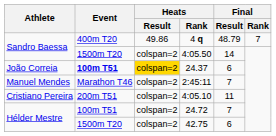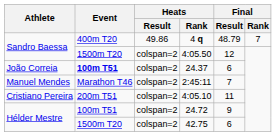 <table class=wikitable style="font-size:90%">
 <tr>
 <th rowspan="2">Athlete</th>
 <th rowspan="2">Event</th>
 <th colspan="2">Heats</th>
 <th colspan="2">Final</th>
 </tr>
 <tr>
 <th>Result</th>
 <th>Rank</th>
 <th>Result</th>
 <th>Rank</th>
 </tr>
 <tr align=center>
 <td align=left rowspan=2><a href='#'>Sandro Baessa</a></td>
 <td align=left><a href='#'>400m T20</a></td>
 <td>49.86</td>
 <td>4 <strong>q</strong></td>
 <td>48.79</td>
 <td>7</td>
 </tr>
 <tr align=center>
 <td align=left><a href='#'>1500m T20</a></td>
 <td>colspan=2 </td>
 <td>4:05.50</td>
-<td>14</td>
+<td>12</td>
 </tr>
 <tr align=center>
 <td align=left><a href='#'>João Correia</a></td>
 <td align=left><strong><a href='#'>100m T51</a></strong></td>
-<td style="background: gold;">colspan=2 </td>
+<td>colspan=2 </td>
 <td>24.37</td>
 <td>6</td>
 </tr>
 <tr align=center>
 <td align=left><a href='#'>Manuel Mendes</a></td>
 <td align=left><a href='#'>Marathon T46</a></td>
 <td>colspan=2 </td>
 <td>2:45:11</td>
 <td>7</td>
 </tr>
 <tr align=center>
 <td align=left><a href='#'>Cristiano Pereira</a></td>
 <td align=left><a href='#'>200m T51</a></td>
 <td>colspan=2 </td>
 <td>4:05.10</td>
 <td>11</td>
 </tr>
 <tr align=center>
 <td align=left rowspan=2><a href='#'>Hélder Mestre</a></td>
 <td align=left><a href='#'>100m T51</a></td>
 <td>colspan=2 </td>
 <td>24.72</td>
-<td>7</td>
+<td>9</td>
 </tr>
 <tr align=center>
 <td align=left><a href='#'>1500m T20</a></td>
 <td>colspan=2 </td>
 <td>42.75</td>
 <td>6</td>
 </tr>
 </table>
